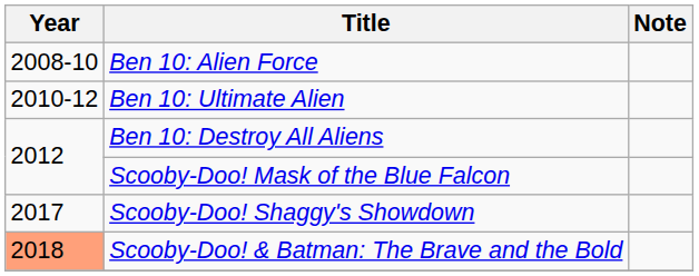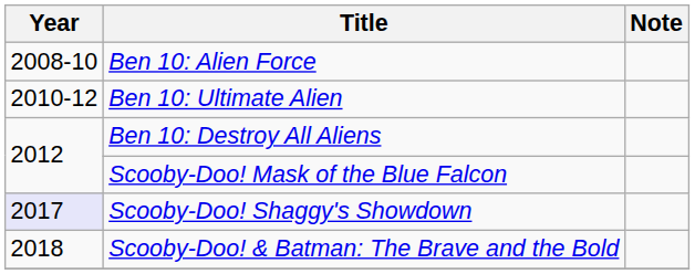 <table class="wikitable">
 <tr>
 <th>Year</th>
 <th>Title</th>
 <th>Note</th>
 </tr>
 <tr>
 <td>2008-10</td>
 <td><em><a href='#'>Ben 10: Alien Force</a></em></td>
 <td></td>
 </tr>
 <tr>
 <td>2010-12</td>
 <td><em><a href='#'>Ben 10: Ultimate Alien</a></em></td>
 <td></td>
 </tr>
 <tr>
 <td rowspan="2">2012</td>
 <td><em><a href='#'>Ben 10: Destroy All Aliens</a></em></td>
 <td></td>
 </tr>
 <tr>
 <td><em><a href='#'>Scooby-Doo! Mask of the Blue Falcon</a></em></td>
 <td></td>
 </tr>
 <tr>
-<td>2017</td>
+<td style="background: lavender;">2017</td>
 <td><em><a href='#'>Scooby-Doo! Shaggy's Showdown</a></em></td>
 <td></td>
 </tr>
 <tr>
-<td style="background: lightsalmon;">2018</td>
+<td>2018</td>
 <td><em><a href='#'>Scooby-Doo! & Batman: The Brave and the Bold</a></em></td>
 <td></td>
 </tr>
 <tr>
 </tr>
 </table>
